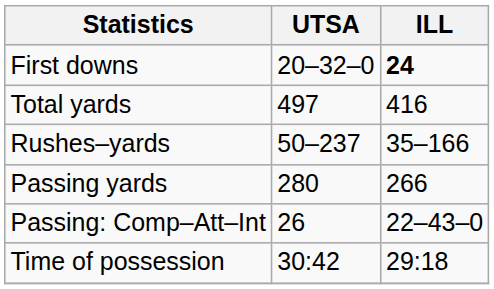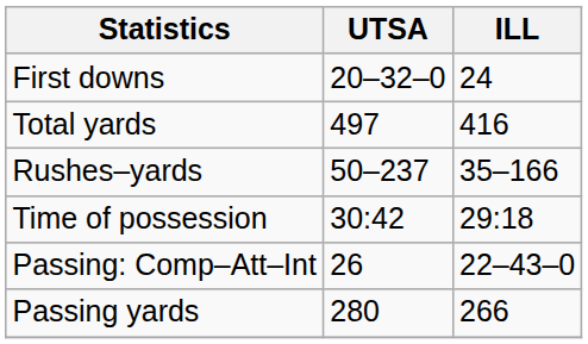 <table class="wikitable" style="float: left;">
 <tr>
 <th>Statistics</th>
 <th>UTSA</th>
 <th>ILL</th>
 </tr>
 <tr>
 <td>First downs</td>
 <td>20–32–0</td>
-<td><strong>24</strong></td>
+<td>24</td>
 </tr>
 <tr>
 <td>Total yards</td>
 <td>497</td>
 <td>416</td>
 </tr>
 <tr>
 <td>Rushes–yards</td>
 <td>50–237</td>
 <td>35–166</td>
 </tr>
 <tr>
-<td>Passing yards</td>
-<td>280</td>
-<td>266</td>
+<td>Time of possession</td>
+<td>30:42</td>
+<td>29:18</td>
 </tr>
 <tr>
 <td>Passing: Comp–Att–Int</td>
 <td>26</td>
 <td>22–43–0</td>
 </tr>
 <tr>
-<td>Time of possession</td>
-<td>30:42</td>
-<td>29:18</td>
+<td>Passing yards</td>
+<td>280</td>
+<td>266</td>
 </tr>
 <tr>
 </tr>
 </table>
